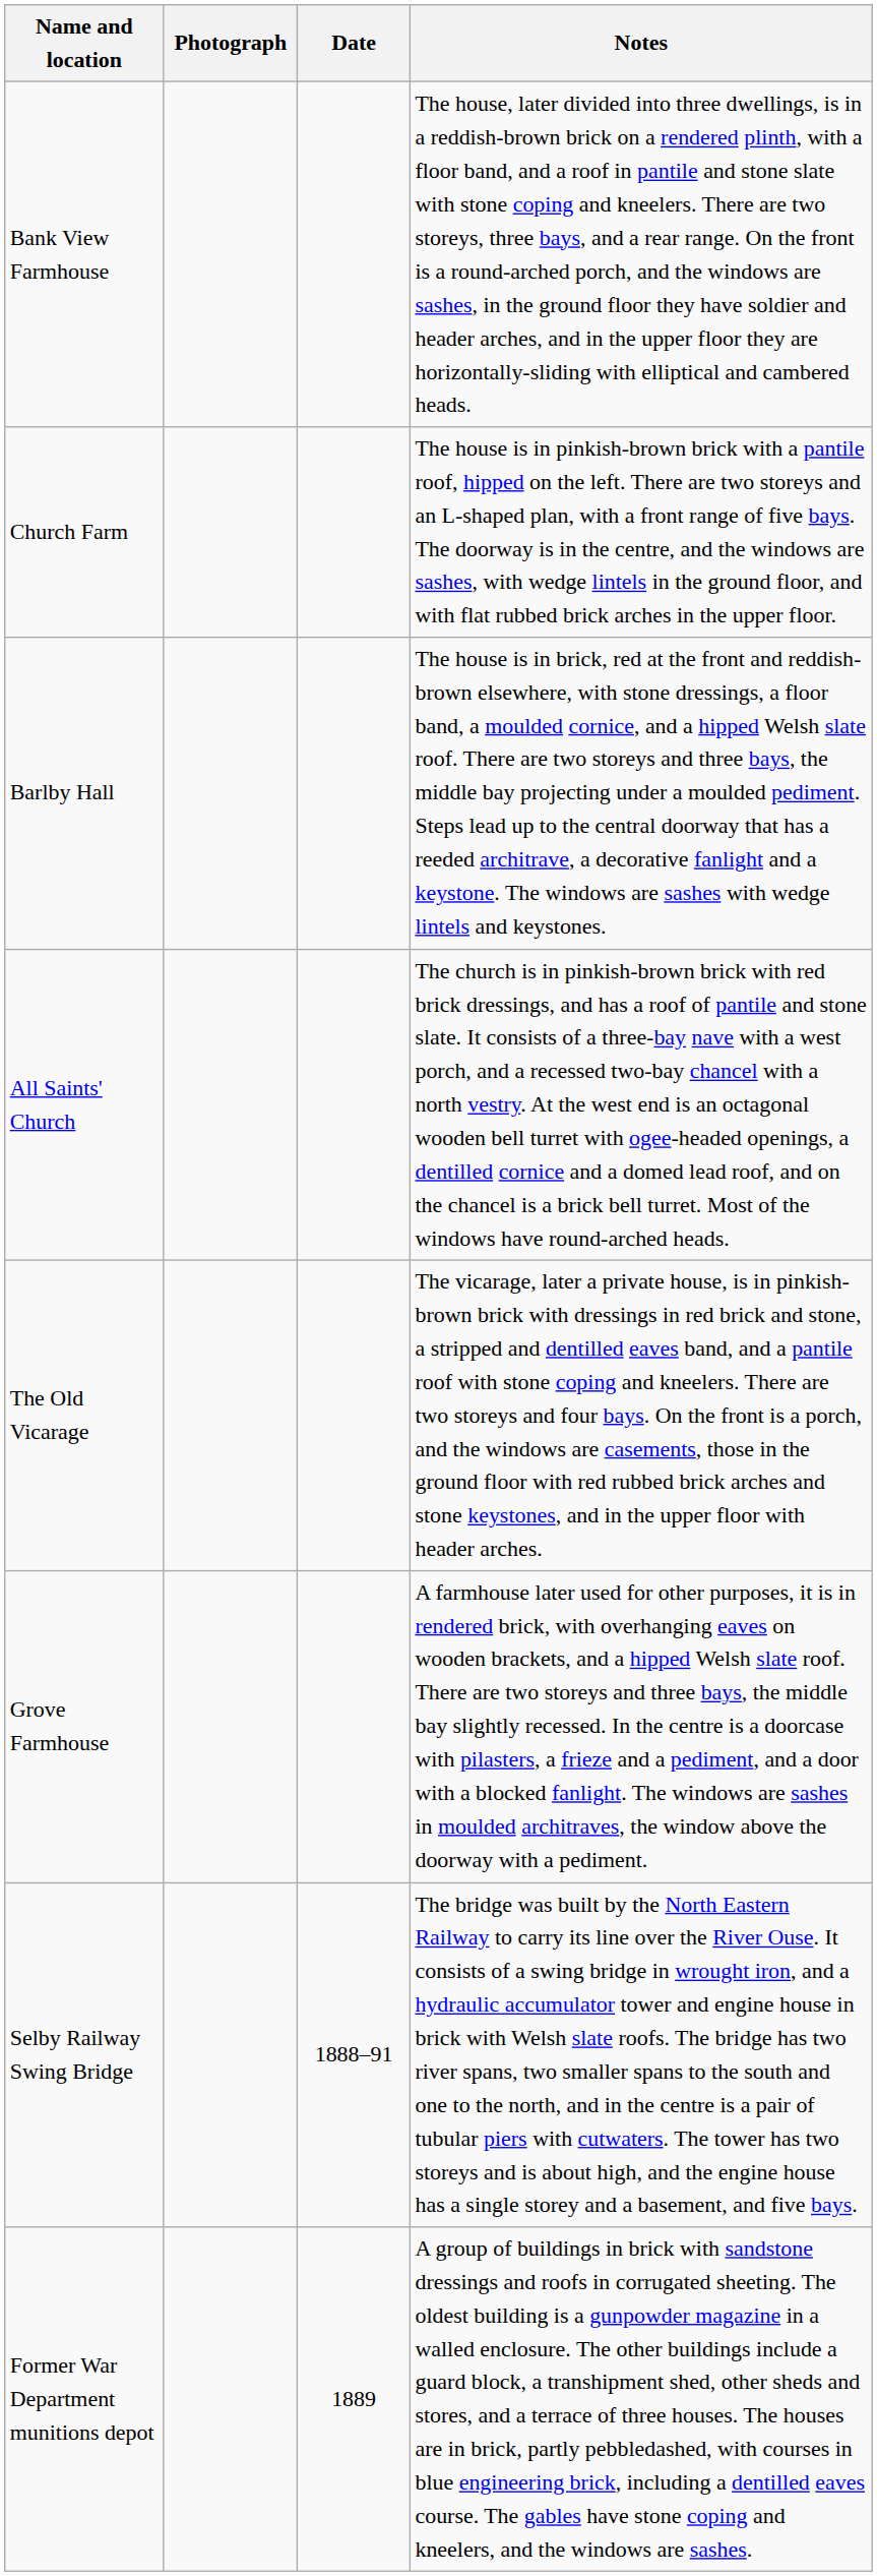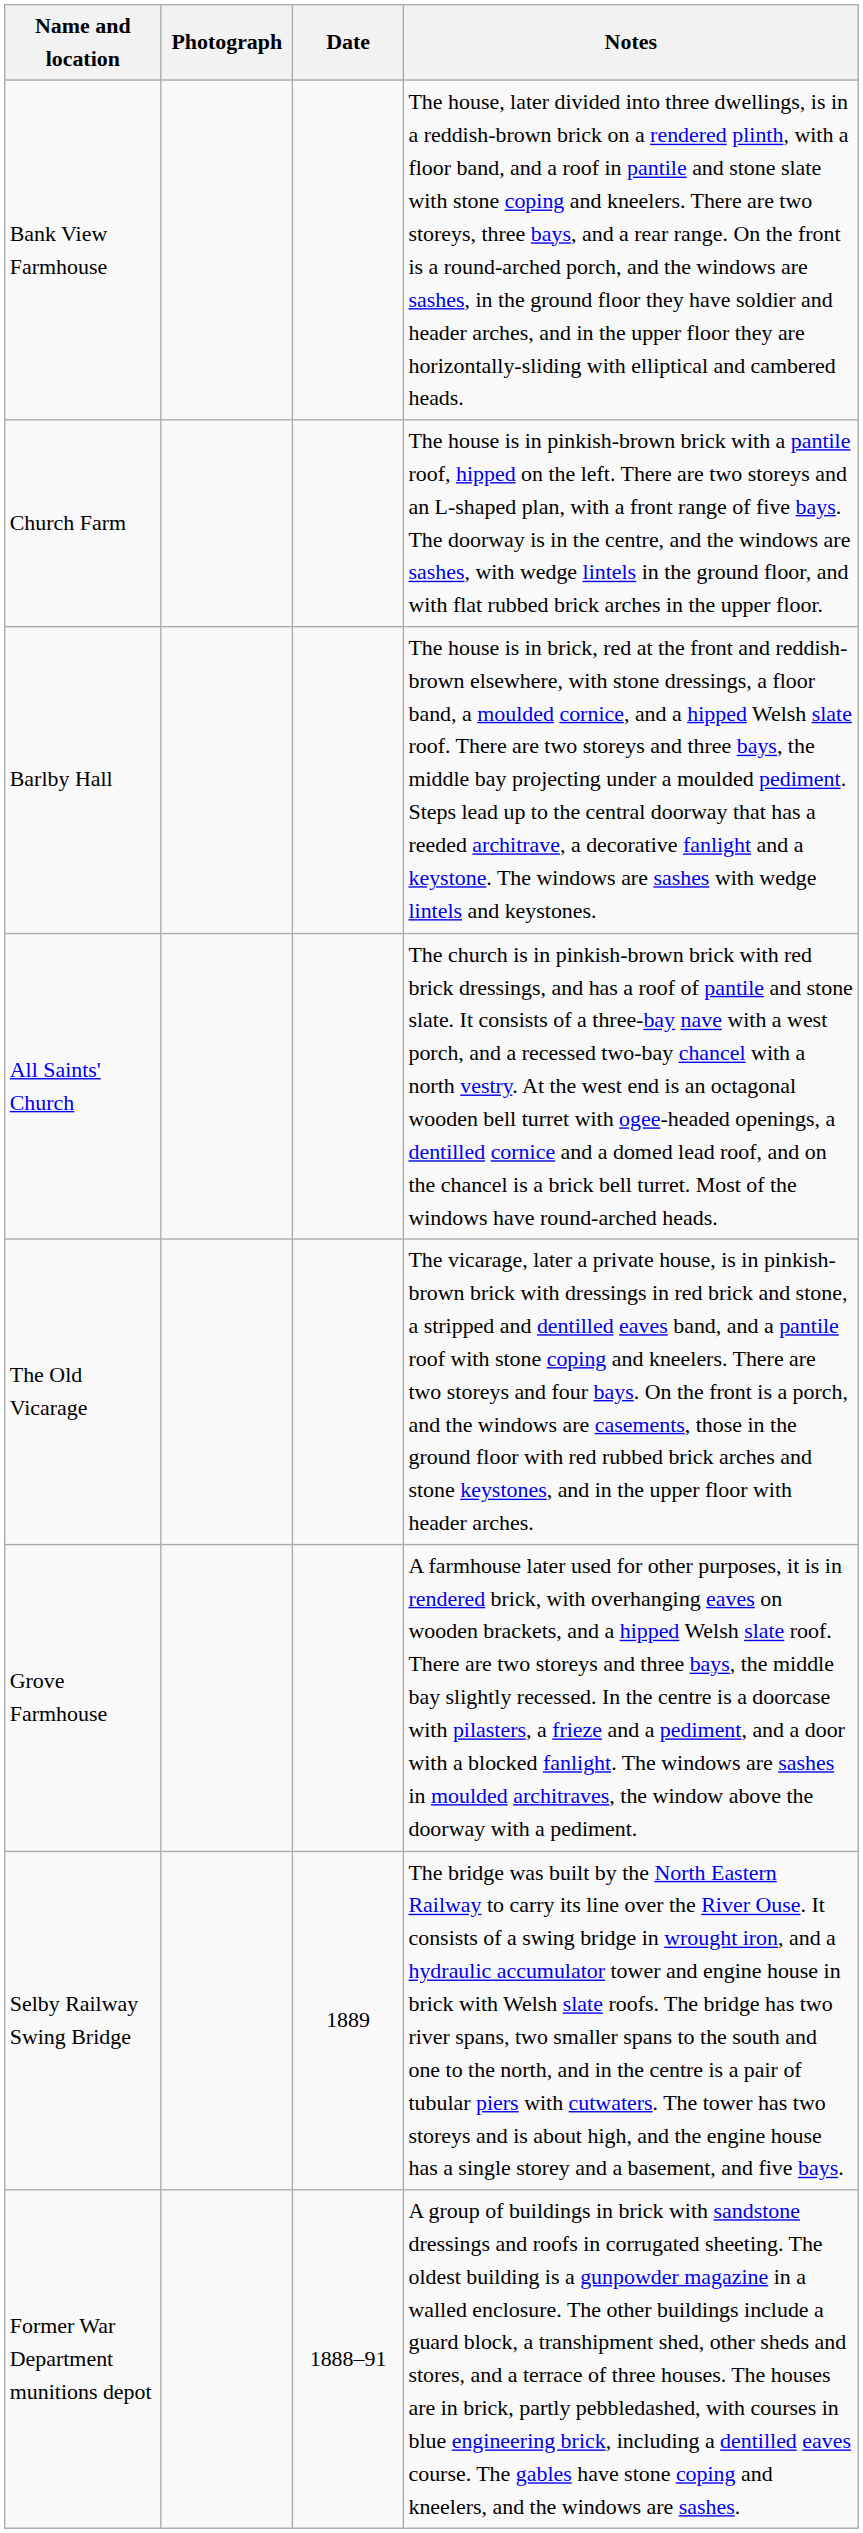 <table class="wikitable sortable plainrowheaders" style="width:100%;border:0px;text-align:left;line-height:150%;">
 <tr>
 <th scope="col"  style="width:150px">Name and location</th>
 <th scope="col"  style="width:100px" class="unsortable">Photograph</th>
 <th scope="col"  style="width:120px">Date</th>
 <th scope="col"  style="width:650px" class="unsortable">Notes</th>
 </tr>
 <tr>
 <td>Bank View Farmhouse<br><small></small></td>
 <td></td>
 <td align="center"></td>
 <td>The house, later divided into three dwellings, is in a reddish-brown brick on a <a href='#'>rendered</a> <a href='#'>plinth</a>, with a floor band, and a roof in <a href='#'>pantile</a> and stone slate with stone <a href='#'>coping</a> and kneelers.  There are two storeys, three <a href='#'>bays</a>, and a rear range.  On the front is a round-arched porch, and the windows are <a href='#'>sashes</a>, in the ground floor they have soldier and header arches, and in the upper floor they are horizontally-sliding with elliptical and cambered heads.</td>
 </tr>
 <tr>
 <td>Church Farm<br><small></small></td>
 <td></td>
 <td align="center"></td>
 <td>The house is in pinkish-brown brick with a <a href='#'>pantile</a> roof, <a href='#'>hipped</a> on the left.  There are two storeys and an L-shaped plan, with a front range of five <a href='#'>bays</a>.  The doorway is in the centre, and the windows are <a href='#'>sashes</a>, with wedge <a href='#'>lintels</a> in the ground floor, and with flat rubbed brick arches in the upper floor.</td>
 </tr>
 <tr>
 <td>Barlby Hall<br><small></small></td>
 <td></td>
 <td align="center"></td>
 <td>The house is in brick, red at the front and reddish-brown elsewhere, with stone dressings, a floor band, a <a href='#'>moulded</a> <a href='#'>cornice</a>, and a <a href='#'>hipped</a> Welsh <a href='#'>slate</a> roof.  There are two storeys and three <a href='#'>bays</a>, the middle bay projecting under a moulded <a href='#'>pediment</a>.  Steps lead up to the central doorway that has a reeded <a href='#'>architrave</a>, a decorative <a href='#'>fanlight</a> and a <a href='#'>keystone</a>.  The windows are <a href='#'>sashes</a> with wedge <a href='#'>lintels</a> and keystones.</td>
 </tr>
 <tr>
 <td><a href='#'>All Saints' Church</a><br><small></small></td>
 <td></td>
 <td align="center"></td>
 <td>The church is in pinkish-brown brick with red brick dressings, and has a roof of <a href='#'>pantile</a> and stone slate.  It consists of a three-<a href='#'>bay</a> <a href='#'>nave</a> with a west porch, and a recessed two-bay <a href='#'>chancel</a> with a north <a href='#'>vestry</a>.  At the west end is an octagonal wooden bell turret with <a href='#'>ogee</a>-headed openings, a <a href='#'>dentilled</a> <a href='#'>cornice</a> and a domed lead roof, and on the chancel is a brick bell turret.  Most of the windows have round-arched heads.</td>
 </tr>
 <tr>
 <td>The Old Vicarage<br><small></small></td>
 <td></td>
 <td align="center"></td>
 <td>The vicarage, later a private house, is in pinkish-brown brick with dressings in red brick and stone, a stripped and <a href='#'>dentilled</a> <a href='#'>eaves</a> band, and a <a href='#'>pantile</a> roof with stone <a href='#'>coping</a> and kneelers.  There are two storeys and four <a href='#'>bays</a>.  On the front is a porch, and the windows are <a href='#'>casements</a>, those in the ground floor with red rubbed brick arches and stone <a href='#'>keystones</a>, and in the upper floor with header arches.</td>
 </tr>
 <tr>
 <td>Grove Farmhouse<br><small></small></td>
 <td></td>
 <td align="center"></td>
 <td>A farmhouse later used for other purposes, it is in <a href='#'>rendered</a> brick, with overhanging <a href='#'>eaves</a> on wooden brackets, and a <a href='#'>hipped</a> Welsh <a href='#'>slate</a> roof.  There are two storeys and three <a href='#'>bays</a>, the middle bay slightly recessed.  In the centre is a doorcase with <a href='#'>pilasters</a>, a <a href='#'>frieze</a> and a <a href='#'>pediment</a>, and a door with a blocked <a href='#'>fanlight</a>.  The windows are <a href='#'>sashes</a> in <a href='#'>moulded</a> <a href='#'>architraves</a>, the window above the doorway with a pediment.</td>
 </tr>
 <tr>
 <td>Selby Railway Swing Bridge<br><small></small></td>
 <td></td>
-<td align="center">1888–91</td>
+<td align="center">1889</td>
 <td>The bridge was built by the <a href='#'>North Eastern Railway</a> to carry its line over the <a href='#'>River Ouse</a>.  It consists of a swing bridge in <a href='#'>wrought iron</a>, and a <a href='#'>hydraulic accumulator</a> tower and engine house in brick with Welsh <a href='#'>slate</a> roofs.  The bridge has two river spans, two smaller spans to the south and one to the north, and in the centre is a pair of tubular <a href='#'>piers</a> with <a href='#'>cutwaters</a>.  The tower has two storeys and is about  high, and the engine house has a single storey and a basement, and five <a href='#'>bays</a>.</td>
 </tr>
 <tr>
 <td>Former War Department munitions depot<br><small></small></td>
 <td></td>
-<td align="center">1889</td>
+<td align="center">1888–91</td>
 <td>A group of buildings in brick with <a href='#'>sandstone</a> dressings and roofs in corrugated sheeting.  The oldest building is a <a href='#'>gunpowder magazine</a> in a walled enclosure.  The other buildings include a guard block, a transhipment shed, other sheds and stores, and a terrace of three houses.  The houses are in brick, partly pebbledashed, with courses in blue <a href='#'>engineering brick</a>, including a <a href='#'>dentilled</a> <a href='#'>eaves</a> course.  The <a href='#'>gables</a> have stone <a href='#'>coping</a> and kneelers, and the windows are <a href='#'>sashes</a>.</td>
 </tr>
 <tr>
 </tr>
 </table>
